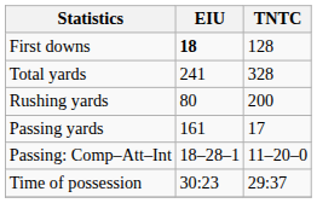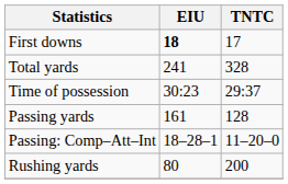 <table class="wikitable" style="float: left;">
 <tr>
 <th>Statistics</th>
 <th>EIU</th>
 <th>TNTC</th>
 </tr>
 <tr>
 <td>First downs</td>
 <td><strong>18</strong></td>
-<td>128</td>
+<td>17</td>
 </tr>
 <tr>
 <td>Total yards</td>
 <td>241</td>
 <td>328</td>
 </tr>
 <tr>
-<td>Rushing yards</td>
-<td>80</td>
-<td>200</td>
+<td>Time of possession</td>
+<td>30:23</td>
+<td>29:37</td>
 </tr>
 <tr>
 <td>Passing yards</td>
 <td>161</td>
-<td>17</td>
+<td>128</td>
 </tr>
 <tr>
 <td>Passing: Comp–Att–Int</td>
 <td>18–28–1</td>
 <td>11–20–0</td>
 </tr>
 <tr>
-<td>Time of possession</td>
-<td>30:23</td>
-<td>29:37</td>
+<td>Rushing yards</td>
+<td>80</td>
+<td>200</td>
 </tr>
 <tr>
 </tr>
 </table>
